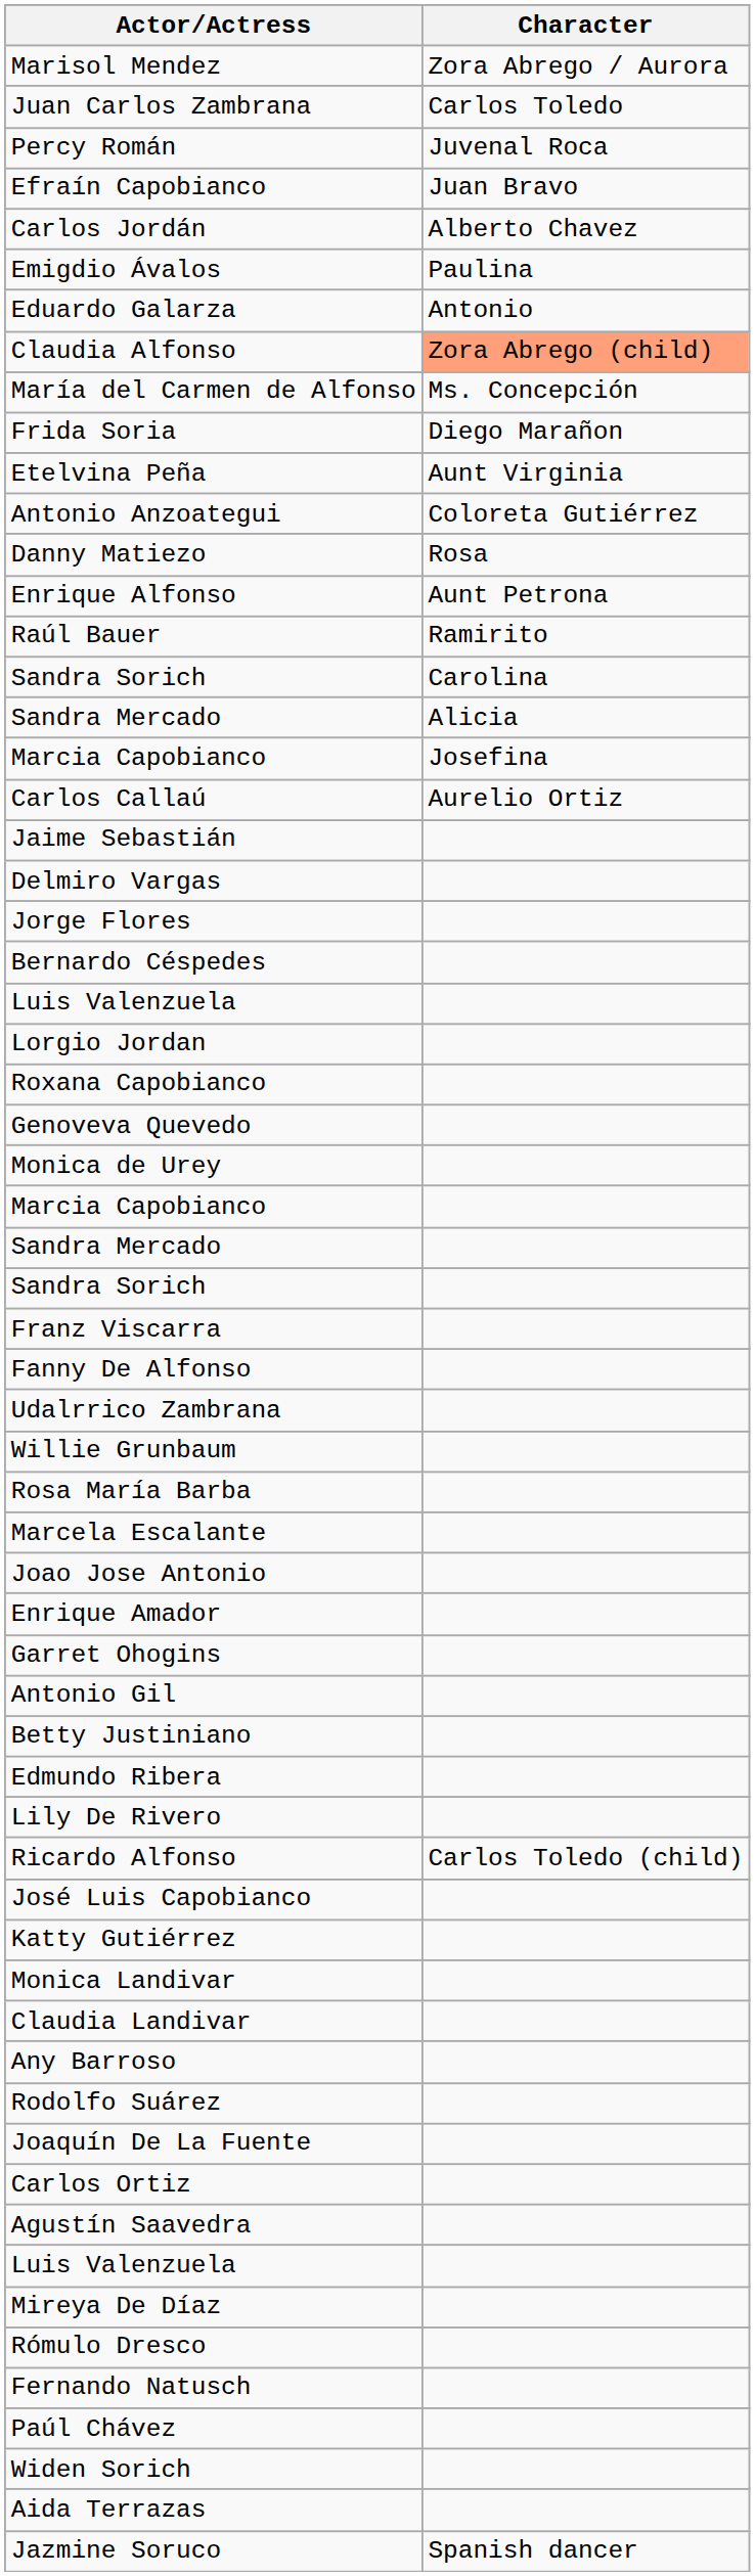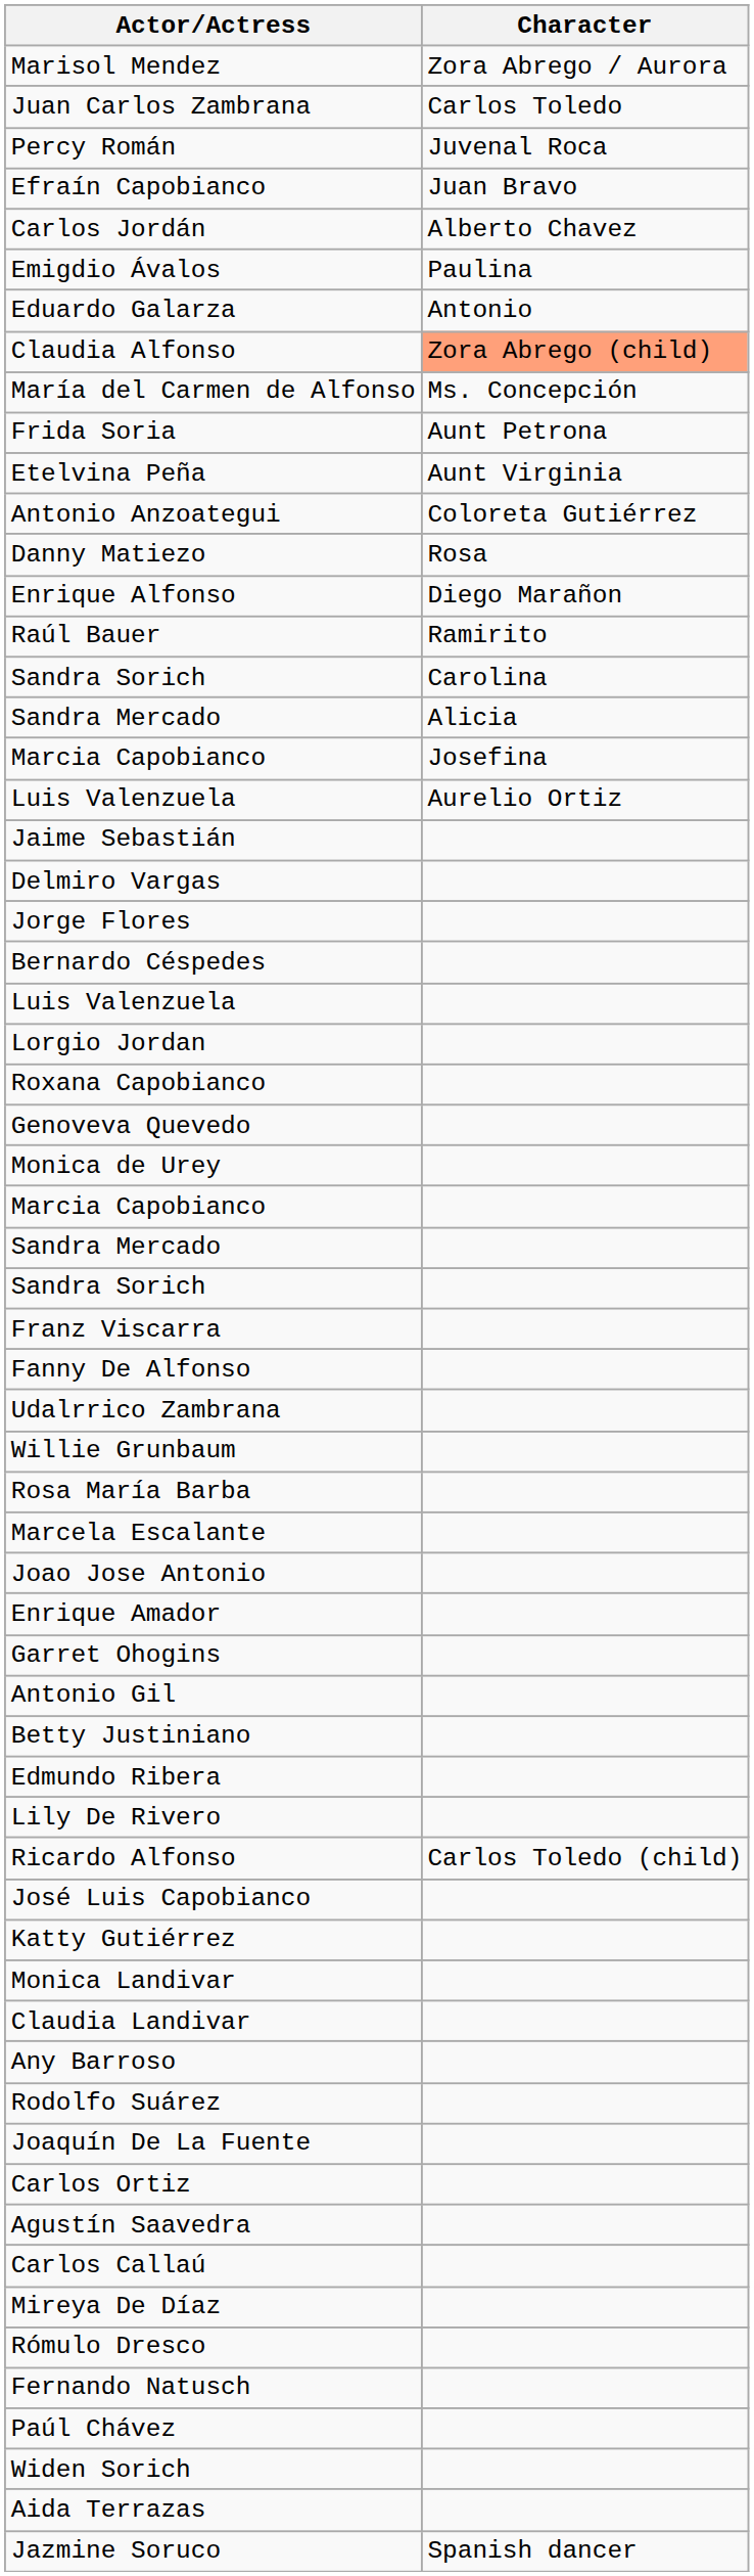 <table class="wikitable sortable">
 <tr>
 <th>Actor/Actress</th>
 <th>Character</th>
 </tr>
 <tr>
 <td>Marisol Mendez</td>
 <td>Zora Abrego / Aurora</td>
 </tr>
 <tr>
 <td>Juan Carlos Zambrana</td>
 <td>Carlos Toledo</td>
 </tr>
 <tr>
 <td>Percy Román</td>
 <td>Juvenal Roca</td>
 </tr>
 <tr>
 <td>Efraín Capobianco</td>
 <td>Juan Bravo</td>
 </tr>
 <tr>
 <td>Carlos Jordán</td>
 <td>Alberto Chavez</td>
 </tr>
 <tr>
 <td>Emigdio Ávalos</td>
 <td>Paulina</td>
 </tr>
 <tr>
 <td>Eduardo Galarza</td>
 <td>Antonio</td>
 </tr>
 <tr>
 <td>Claudia Alfonso</td>
 <td style="background: lightsalmon;">Zora Abrego (child)</td>
 </tr>
 <tr>
 <td>María del Carmen de Alfonso</td>
 <td>Ms. Concepción</td>
 </tr>
 <tr>
 <td>Frida Soria</td>
-<td>Diego Marañon</td>
+<td>Aunt Petrona</td>
 </tr>
 <tr>
 <td>Etelvina Peña</td>
 <td>Aunt Virginia</td>
 </tr>
 <tr>
 <td>Antonio Anzoategui</td>
 <td>Coloreta Gutiérrez</td>
 </tr>
 <tr>
 <td>Danny Matiezo</td>
 <td>Rosa</td>
 </tr>
 <tr>
 <td>Enrique Alfonso</td>
-<td>Aunt Petrona</td>
+<td>Diego Marañon</td>
 </tr>
 <tr>
 <td>Raúl Bauer</td>
 <td>Ramirito</td>
 </tr>
 <tr>
 <td>Sandra Sorich</td>
 <td>Carolina</td>
 </tr>
 <tr>
 <td>Sandra Mercado</td>
 <td>Alicia</td>
 </tr>
 <tr>
 <td>Marcia Capobianco</td>
 <td>Josefina</td>
 </tr>
 <tr>
-<td>Carlos Callaú</td>
+<td>Luis Valenzuela</td>
 <td>Aurelio Ortiz</td>
 </tr>
 <tr>
 <td>Jaime Sebastián</td>
 <td></td>
 </tr>
 <tr>
 <td>Delmiro Vargas</td>
 <td></td>
 </tr>
 <tr>
 <td>Jorge Flores</td>
 <td></td>
 </tr>
 <tr>
 <td>Bernardo Céspedes</td>
 <td></td>
 </tr>
 <tr>
 <td>Luis Valenzuela</td>
 <td></td>
 </tr>
 <tr>
 <td>Lorgio Jordan</td>
 <td></td>
 </tr>
 <tr>
 <td>Roxana Capobianco</td>
 <td></td>
 </tr>
 <tr>
 <td>Genoveva Quevedo</td>
 <td></td>
 </tr>
 <tr>
 <td>Monica de Urey</td>
 <td></td>
 </tr>
 <tr>
 <td>Marcia Capobianco</td>
 <td></td>
 </tr>
 <tr>
 <td>Sandra Mercado</td>
 <td></td>
 </tr>
 <tr>
 <td>Sandra Sorich</td>
 <td></td>
 </tr>
 <tr>
 <td>Franz Viscarra</td>
 <td></td>
 </tr>
 <tr>
 <td>Fanny De Alfonso</td>
 <td></td>
 </tr>
 <tr>
 <td>Udalrrico Zambrana</td>
 <td></td>
 </tr>
 <tr>
 <td>Willie Grunbaum</td>
 <td></td>
 </tr>
 <tr>
 <td>Rosa María Barba</td>
 <td></td>
 </tr>
 <tr>
 <td>Marcela Escalante</td>
 <td></td>
 </tr>
 <tr>
 <td>Joao Jose Antonio</td>
 <td></td>
 </tr>
 <tr>
 <td>Enrique Amador</td>
 <td></td>
 </tr>
 <tr>
 <td>Garret Ohogins</td>
 <td></td>
 </tr>
 <tr>
 <td>Antonio Gil</td>
 <td></td>
 </tr>
 <tr>
 <td>Betty Justiniano</td>
 <td></td>
 </tr>
 <tr>
 <td>Edmundo Ribera</td>
 <td></td>
 </tr>
 <tr>
 <td>Lily De Rivero</td>
 <td></td>
 </tr>
 <tr>
 <td>Ricardo Alfonso</td>
 <td>Carlos Toledo (child)</td>
 </tr>
 <tr>
 <td>José Luis Capobianco</td>
 <td></td>
 </tr>
 <tr>
 <td>Katty Gutiérrez</td>
 <td></td>
 </tr>
 <tr>
 <td>Monica Landivar</td>
 <td></td>
 </tr>
 <tr>
 <td>Claudia Landivar</td>
 <td></td>
 </tr>
 <tr>
 <td>Any Barroso</td>
 <td></td>
 </tr>
 <tr>
 <td>Rodolfo Suárez</td>
 <td></td>
 </tr>
 <tr>
 <td>Joaquín De La Fuente</td>
 <td></td>
 </tr>
 <tr>
 <td>Carlos Ortiz</td>
 <td></td>
 </tr>
 <tr>
 <td>Agustín Saavedra</td>
 <td></td>
 </tr>
 <tr>
-<td>Luis Valenzuela</td>
+<td>Carlos Callaú</td>
 <td></td>
 </tr>
 <tr>
 <td>Mireya De Díaz</td>
 <td></td>
 </tr>
 <tr>
 <td>Rómulo Dresco</td>
 <td></td>
 </tr>
 <tr>
 <td>Fernando Natusch</td>
 <td></td>
 </tr>
 <tr>
 <td>Paúl Chávez</td>
 <td></td>
 </tr>
 <tr>
 <td>Widen Sorich</td>
 <td></td>
 </tr>
 <tr>
 <td>Aida Terrazas</td>
 <td></td>
 </tr>
 <tr>
 <td>Jazmine Soruco</td>
 <td>Spanish dancer</td>
 </tr>
 </table>
